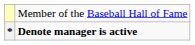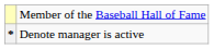 <table class=wikitable>
 <tr>
 <th scope="row" style="background:#ffb;"></th>
 <td>Member of the <a href='#'>Baseball Hall of Fame</a></td>
 </tr>
 <tr>
 <th scope="row">*</th>
-<td><strong>Denote manager is active</strong></td>
+<td>Denote manager is active</td>
 </tr>
 </table>
